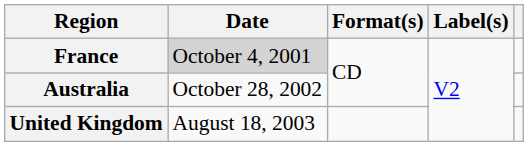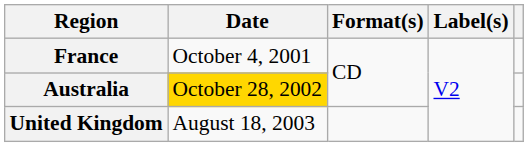 <table class="wikitable plainrowheaders">
 <tr>
 <th scope="col">Region</th>
 <th scope="col">Date</th>
 <th scope="col">Format(s)</th>
 <th scope="col">Label(s)</th>
 <th scope="col"></th>
 </tr>
 <tr>
 <th scope="row">France</th>
-<td style="background: lightgrey;">October 4, 2001</td>
+<td>October 4, 2001</td>
 <td rowspan="2">CD</td>
 <td rowspan="3"><a href='#'>V2</a></td>
 <td></td>
 </tr>
 <tr>
 <th scope="row">Australia</th>
-<td>October 28, 2002</td>
+<td style="background: gold;">October 28, 2002</td>
 <td></td>
 </tr>
 <tr>
 <th scope="row">United Kingdom</th>
 <td>August 18, 2003</td>
 <td></td>
 <td></td>
 </tr>
 </table>
